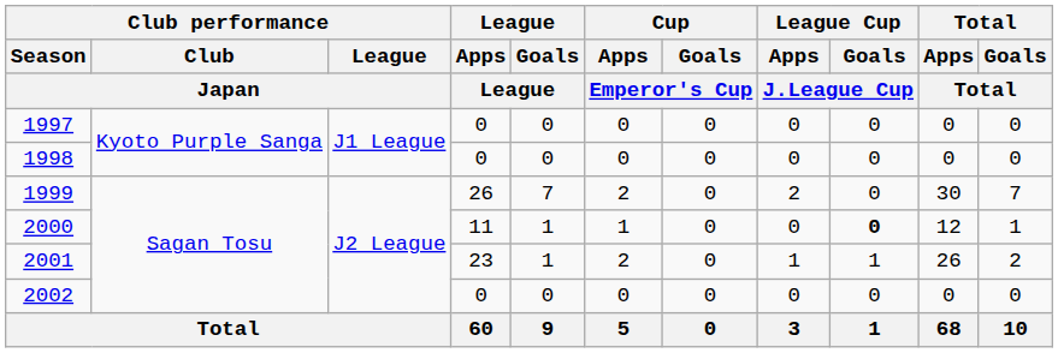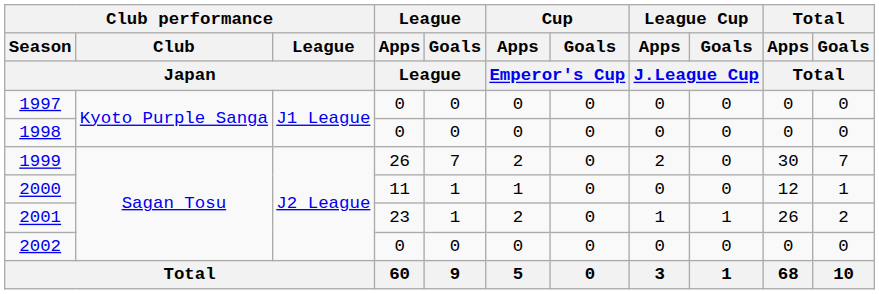 <table class="wikitable" style="text-align:center;">
 <tr>
 <th colspan=3>Club performance</th>
 <th colspan=2>League</th>
 <th colspan=2>Cup</th>
 <th colspan=2>League Cup</th>
 <th colspan=2>Total</th>
 </tr>
 <tr>
 <th>Season</th>
 <th>Club</th>
 <th>League</th>
 <th>Apps</th>
 <th>Goals</th>
 <th>Apps</th>
 <th>Goals</th>
 <th>Apps</th>
 <th>Goals</th>
 <th>Apps</th>
 <th>Goals</th>
 </tr>
 <tr>
 <th colspan=3>Japan</th>
 <th colspan=2>League</th>
 <th colspan=2><a href='#'>Emperor's Cup</a></th>
 <th colspan=2><a href='#'>J.League Cup</a></th>
 <th colspan=2>Total</th>
 </tr>
 <tr>
 <td><a href='#'>1997</a></td>
 <td rowspan="2"><a href='#'>Kyoto Purple Sanga</a></td>
 <td rowspan="2"><a href='#'>J1 League</a></td>
 <td>0</td>
 <td>0</td>
 <td>0</td>
 <td>0</td>
 <td>0</td>
 <td>0</td>
 <td>0</td>
 <td>0</td>
 </tr>
 <tr>
 <td><a href='#'>1998</a></td>
 <td>0</td>
 <td>0</td>
 <td>0</td>
 <td>0</td>
 <td>0</td>
 <td>0</td>
 <td>0</td>
 <td>0</td>
 </tr>
 <tr>
 <td><a href='#'>1999</a></td>
 <td rowspan="4"><a href='#'>Sagan Tosu</a></td>
 <td rowspan="4"><a href='#'>J2 League</a></td>
 <td>26</td>
 <td>7</td>
 <td>2</td>
 <td>0</td>
 <td>2</td>
 <td>0</td>
 <td>30</td>
 <td>7</td>
 </tr>
 <tr>
 <td><a href='#'>2000</a></td>
 <td>11</td>
 <td>1</td>
 <td>1</td>
 <td>0</td>
 <td>0</td>
-<td><strong>0</strong></td>
+<td>0</td>
 <td>12</td>
 <td>1</td>
 </tr>
 <tr>
 <td><a href='#'>2001</a></td>
 <td>23</td>
 <td>1</td>
 <td>2</td>
 <td>0</td>
 <td>1</td>
 <td>1</td>
 <td>26</td>
 <td>2</td>
 </tr>
 <tr>
 <td><a href='#'>2002</a></td>
 <td>0</td>
 <td>0</td>
 <td>0</td>
 <td>0</td>
 <td>0</td>
 <td>0</td>
 <td>0</td>
 <td>0</td>
 </tr>
 <tr>
 <th colspan=3>Total</th>
 <th>60</th>
 <th>9</th>
 <th>5</th>
 <th>0</th>
 <th>3</th>
 <th>1</th>
 <th>68</th>
 <th>10</th>
 </tr>
 </table>
